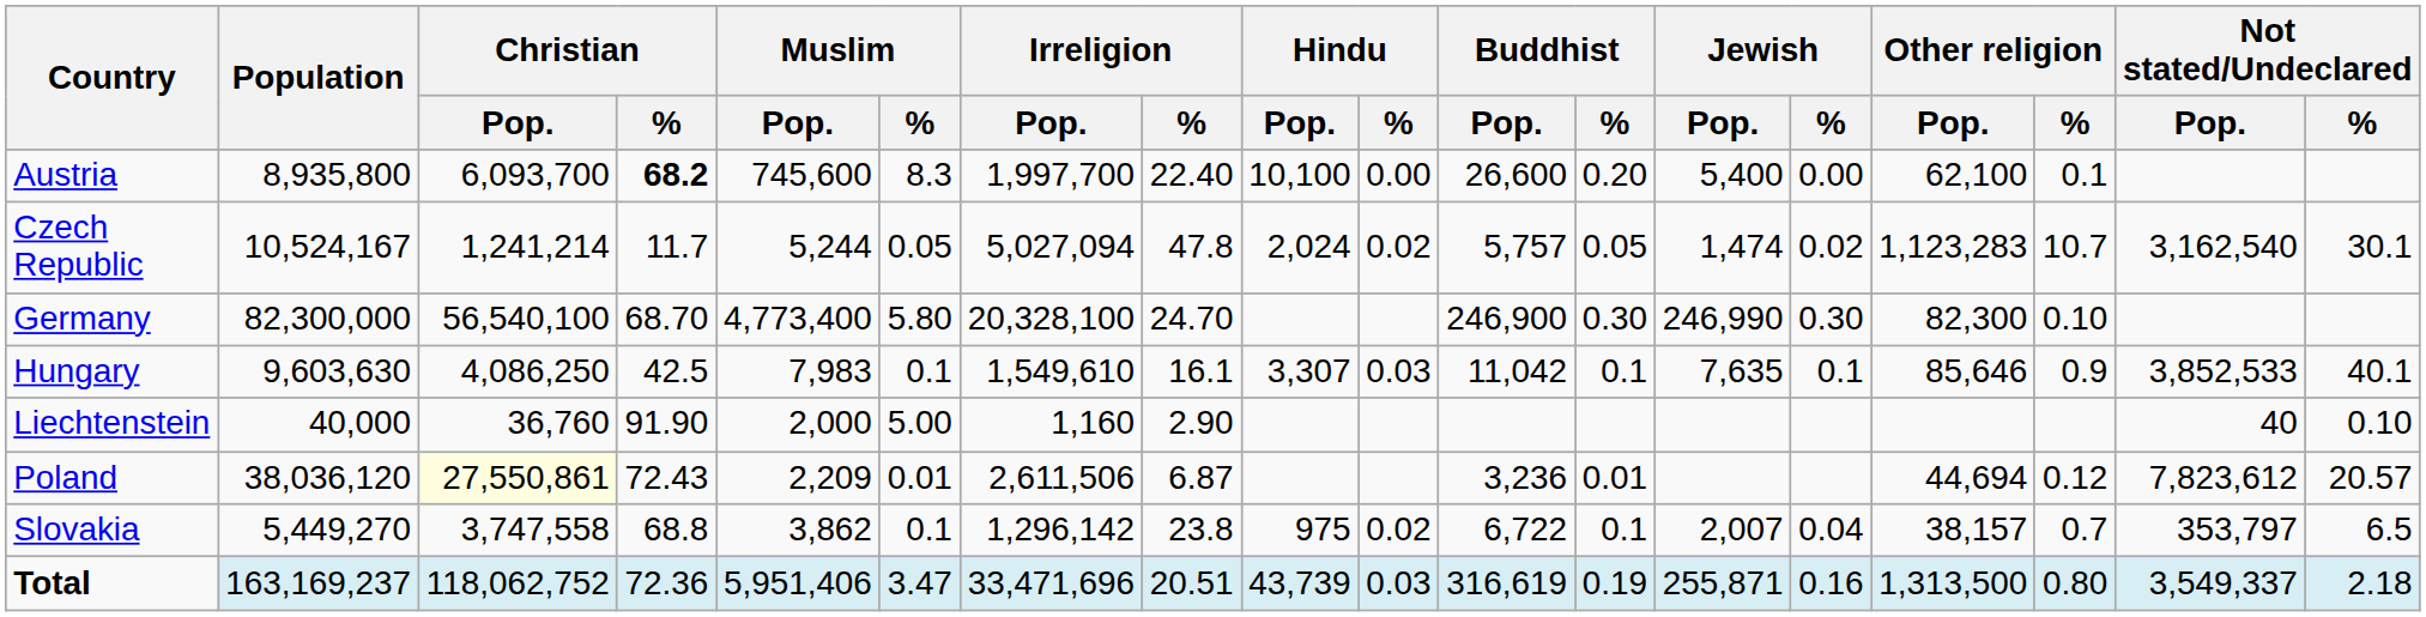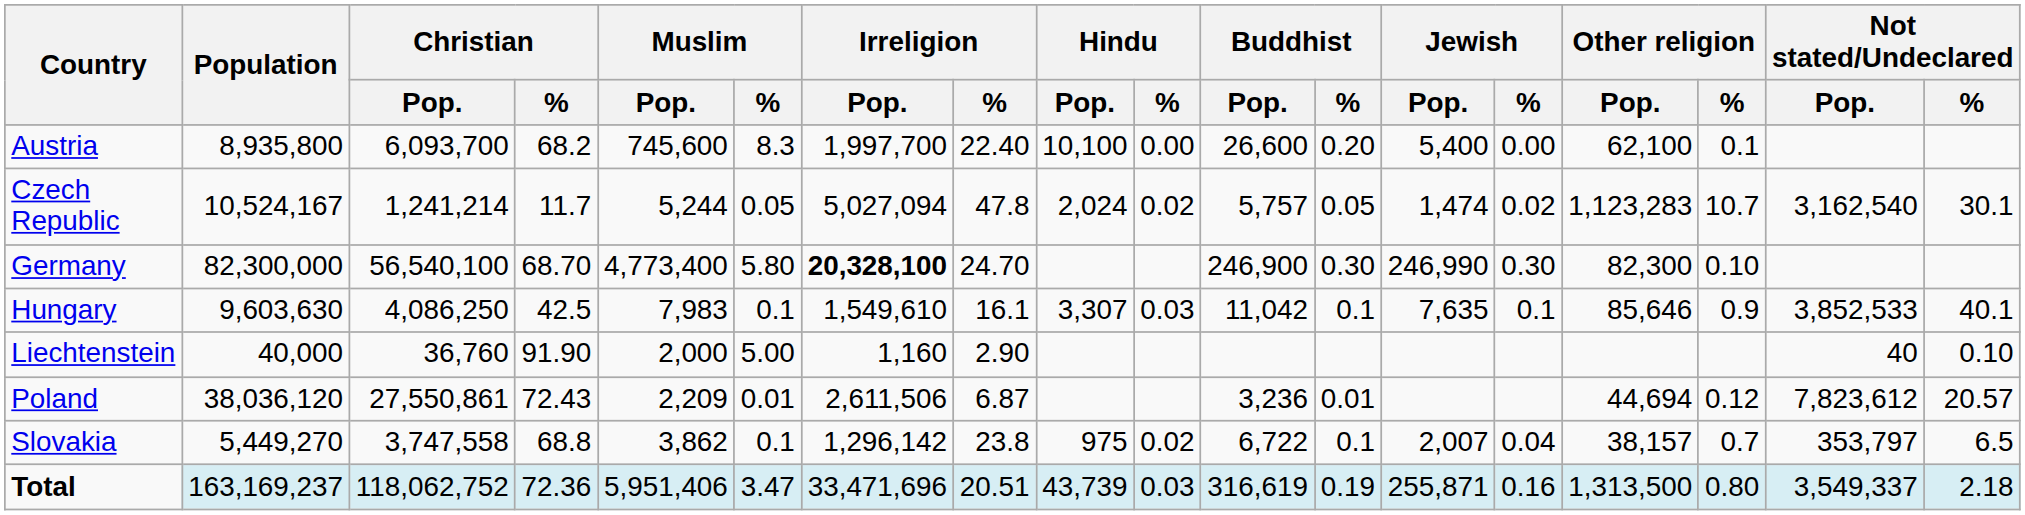 <table class="wikitable sortable">
 <tr>
 <th rowspan="2">Country</th>
 <th rowspan="2" data-sort-type="number">Population</th>
 <th colspan="2" data-sort-type="number">Christian</th>
 <th colspan="2" data-sort-type="number">Muslim</th>
 <th colspan="2" data-sort-type="number">Irreligion</th>
 <th colspan="2" data-sort-type="number">Hindu</th>
 <th colspan="2" data-sort-type="number">Buddhist</th>
 <th colspan="2" data-sort-type="number">Jewish</th>
 <th colspan="2" data-sort-type="number">Other religion</th>
 <th colspan="2" data-sort-type="number">Not stated/Undeclared</th>
 </tr>
 <tr>
 <th>Pop.</th>
 <th>%</th>
 <th>Pop.</th>
 <th>%</th>
 <th>Pop.</th>
 <th>%</th>
 <th>Pop.</th>
 <th>%</th>
 <th>Pop.</th>
 <th>%</th>
 <th>Pop.</th>
 <th>%</th>
 <th>Pop.</th>
 <th>%</th>
 <th>Pop.</th>
 <th>%</th>
 </tr>
 <tr style="text-align:right">
 <td style="text-align:left"> <a href='#'>Austria</a></td>
 <td>8,935,800</td>
 <td>6,093,700</td>
-<td><strong>68.2</strong></td>
+<td>68.2</td>
 <td>745,600</td>
 <td>8.3</td>
 <td>1,997,700</td>
 <td>22.40</td>
 <td>10,100</td>
 <td>0.00</td>
 <td>26,600</td>
 <td>0.20</td>
 <td>5,400</td>
 <td>0.00</td>
 <td>62,100</td>
 <td>0.1</td>
 <td></td>
 <td></td>
 </tr>
 <tr style="text-align:right">
 <td style="text-align:left"> <a href='#'>Czech Republic</a></td>
 <td>10,524,167</td>
 <td>1,241,214</td>
 <td>11.7</td>
 <td>5,244</td>
 <td>0.05</td>
 <td>5,027,094</td>
 <td>47.8</td>
 <td>2,024</td>
 <td>0.02</td>
 <td>5,757</td>
 <td>0.05</td>
 <td>1,474</td>
 <td>0.02</td>
 <td>1,123,283</td>
 <td>10.7</td>
 <td>3,162,540</td>
 <td>30.1</td>
 </tr>
 <tr style="text-align:right">
 <td style="text-align:left"> <a href='#'>Germany</a></td>
 <td>82,300,000</td>
 <td>56,540,100</td>
 <td>68.70</td>
 <td>4,773,400</td>
 <td>5.80</td>
-<td>20,328,100</td>
+<td><strong>20,328,100</strong></td>
 <td>24.70</td>
 <td></td>
 <td></td>
 <td>246,900</td>
 <td>0.30</td>
 <td>246,990</td>
 <td>0.30</td>
 <td>82,300</td>
 <td>0.10</td>
 <td></td>
 <td></td>
 </tr>
 <tr style="text-align:right">
 <td style="text-align:left"> <a href='#'>Hungary</a></td>
 <td>9,603,630</td>
 <td>4,086,250</td>
 <td>42.5</td>
 <td>7,983</td>
 <td>0.1</td>
 <td>1,549,610</td>
 <td>16.1</td>
 <td>3,307</td>
 <td>0.03</td>
 <td>11,042</td>
 <td>0.1</td>
 <td>7,635</td>
 <td>0.1</td>
 <td>85,646</td>
 <td>0.9</td>
 <td>3,852,533</td>
 <td>40.1</td>
 </tr>
 <tr style="text-align:right">
 <td style="text-align:left"> <a href='#'>Liechtenstein</a></td>
 <td>40,000</td>
 <td>36,760</td>
 <td>91.90</td>
 <td>2,000</td>
 <td>5.00</td>
 <td>1,160</td>
 <td>2.90</td>
 <td></td>
 <td></td>
 <td></td>
 <td></td>
 <td></td>
 <td></td>
 <td></td>
 <td></td>
 <td>40</td>
 <td>0.10</td>
 </tr>
 <tr style="text-align:right">
 <td style="text-align:left"> <a href='#'>Poland</a></td>
 <td>38,036,120</td>
-<td style="background: lightyellow;">27,550,861</td>
+<td>27,550,861</td>
 <td>72.43</td>
 <td>2,209</td>
 <td>0.01</td>
 <td>2,611,506</td>
 <td>6.87</td>
 <td></td>
 <td></td>
 <td>3,236</td>
 <td>0.01</td>
 <td></td>
 <td></td>
 <td>44,694</td>
 <td>0.12</td>
 <td>7,823,612</td>
 <td>20.57</td>
 </tr>
 <tr style="text-align:right">
 <td style="text-align:left"> <a href='#'>Slovakia</a></td>
 <td>5,449,270</td>
 <td>3,747,558</td>
 <td>68.8</td>
 <td>3,862</td>
 <td>0.1</td>
 <td>1,296,142</td>
 <td>23.8</td>
 <td>975</td>
 <td>0.02</td>
 <td>6,722</td>
 <td>0.1</td>
 <td>2,007</td>
 <td>0.04</td>
 <td>38,157</td>
 <td>0.7</td>
 <td>353,797</td>
 <td>6.5</td>
 </tr>
 <tr style="text-align:right">
 <td style="text-align:left" class="unsortable" style="background:#D7EEF4"><strong>Total</strong></td>
 <td class="unsortable" style="background:#D7EEF4">163,169,237</td>
 <td class="unsortable" style="background:#D7EEF4">118,062,752</td>
 <td class="unsortable" style="background:#D7EEF4">72.36</td>
 <td class="unsortable" style="background:#D7EEF4">5,951,406</td>
 <td class="unsortable" style="background:#D7EEF4">3.47</td>
 <td class="unsortable" style="background:#D7EEF4">33,471,696</td>
 <td class="unsortable" style="background:#D7EEF4">20.51</td>
 <td class="unsortable" style="background:#D7EEF4">43,739</td>
 <td class="unsortable" style="background:#D7EEF4">0.03</td>
 <td class="unsortable" style="background:#D7EEF4">316,619</td>
 <td class="unsortable" style="background:#D7EEF4">0.19</td>
 <td class="unsortable" style="background:#D7EEF4">255,871</td>
 <td class="unsortable" style="background:#D7EEF4">0.16</td>
 <td class="unsortable" style="background:#D7EEF4">1,313,500</td>
 <td class="unsortable" style="background:#D7EEF4">0.80</td>
 <td class="unsortable" style="background:#D7EEF4">3,549,337</td>
 <td class="unsortable" style="background:#D7EEF4">2.18</td>
 </tr>
 </table>
